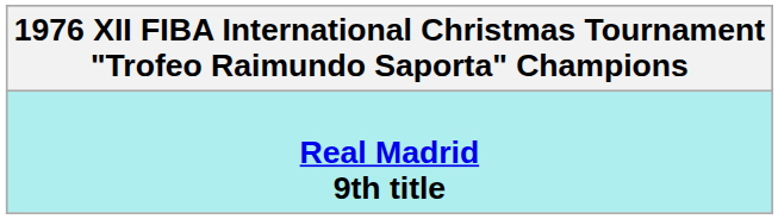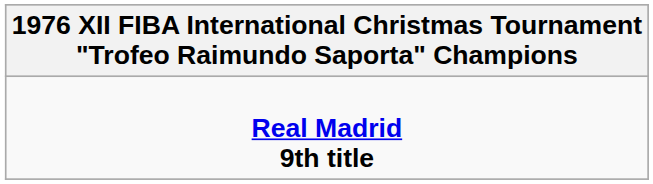 <table class=wikitable style="text-align:center; margin:auto">
 <tr>
 <th>1976 XII FIBA International Christmas Tournament<br>"Trofeo Raimundo Saporta" Champions</th>
 </tr>
 <tr>
-<td style="background: paleturquoise;"><br><strong><a href='#'>Real Madrid</a></strong><br><strong>9th title</strong></td>
+<td><br><strong><a href='#'>Real Madrid</a></strong><br><strong>9th title</strong></td>
 </tr>
 </table>
